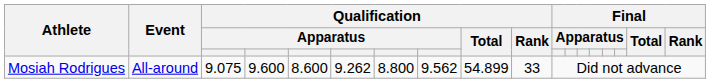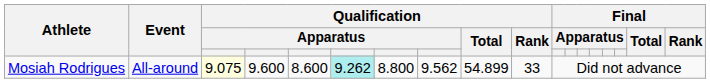 <table class="wikitable" style="font-size:90%">
 <tr>
 <th rowspan="3">Athlete</th>
 <th rowspan="3">Event</th>
 <th colspan=8>Qualification</th>
 <th colspan=8>Final</th>
 </tr>
 <tr style="font-size:95%">
 <th colspan = "6">Apparatus</th>
 <th rowspan=2>Total</th>
 <th rowspan=2>Rank</th>
 <th colspan = "6">Apparatus</th>
 <th rowspan=2>Total</th>
 <th rowspan=2>Rank</th>
 </tr>
 <tr style="font-size:95%">
 <th></th>
 <th></th>
 <th></th>
 <th></th>
 <th></th>
 <th></th>
 <th></th>
 <th></th>
 <th></th>
 <th></th>
 <th></th>
 <th></th>
 </tr>
 <tr align=center>
 <td align=left><a href='#'>Mosiah Rodrigues</a></td>
 <td align=left><a href='#'>All-around</a></td>
-<td>9.075</td>
+<td style="background: lightyellow;">9.075</td>
 <td>9.600</td>
 <td>8.600</td>
-<td>9.262</td>
+<td style="background: paleturquoise;">9.262</td>
 <td>8.800</td>
 <td>9.562</td>
 <td>54.899</td>
 <td>33</td>
 <td colspan=8>Did not advance</td>
 </tr>
 </table>
